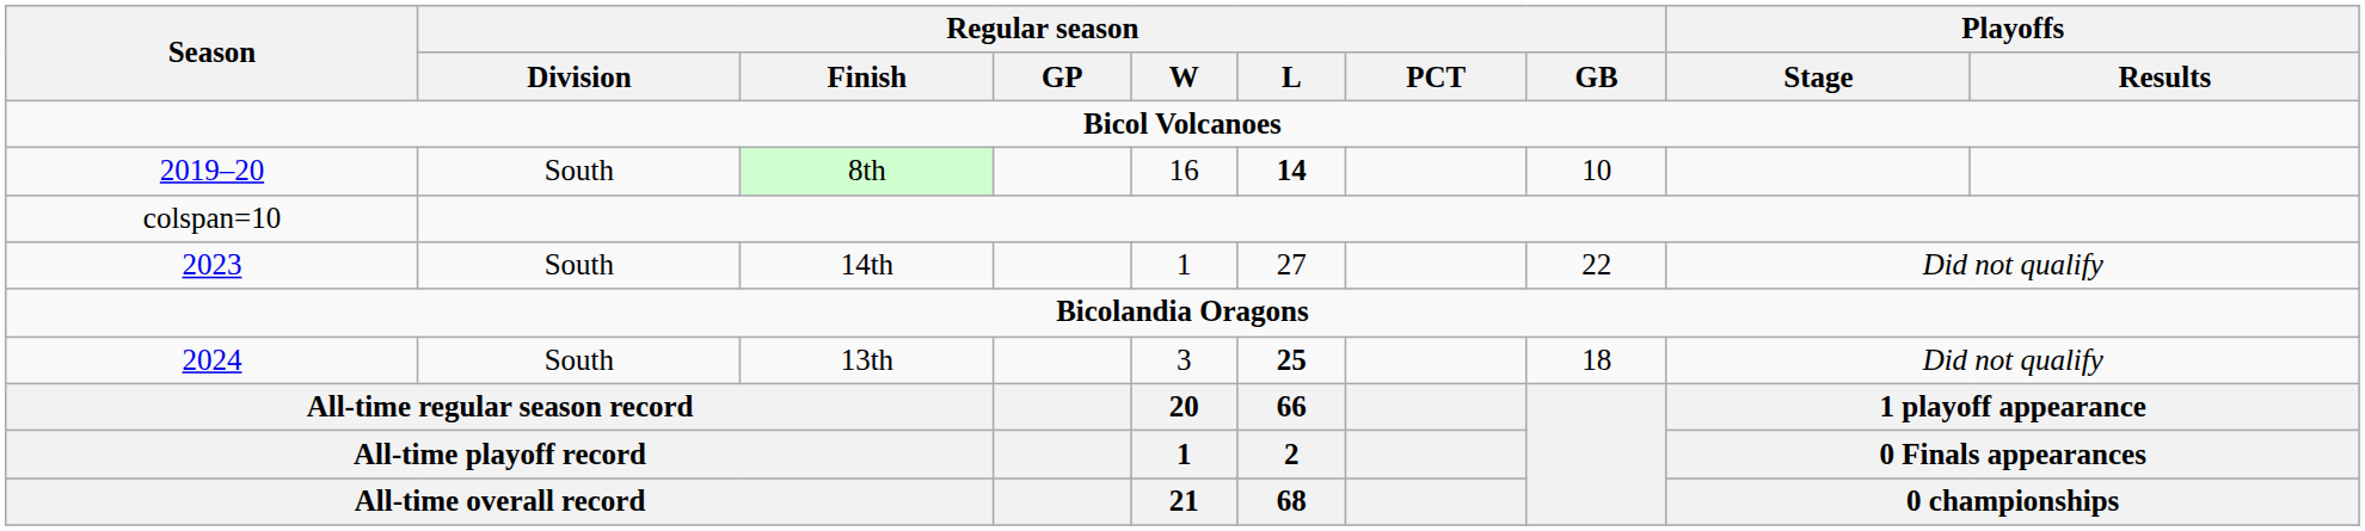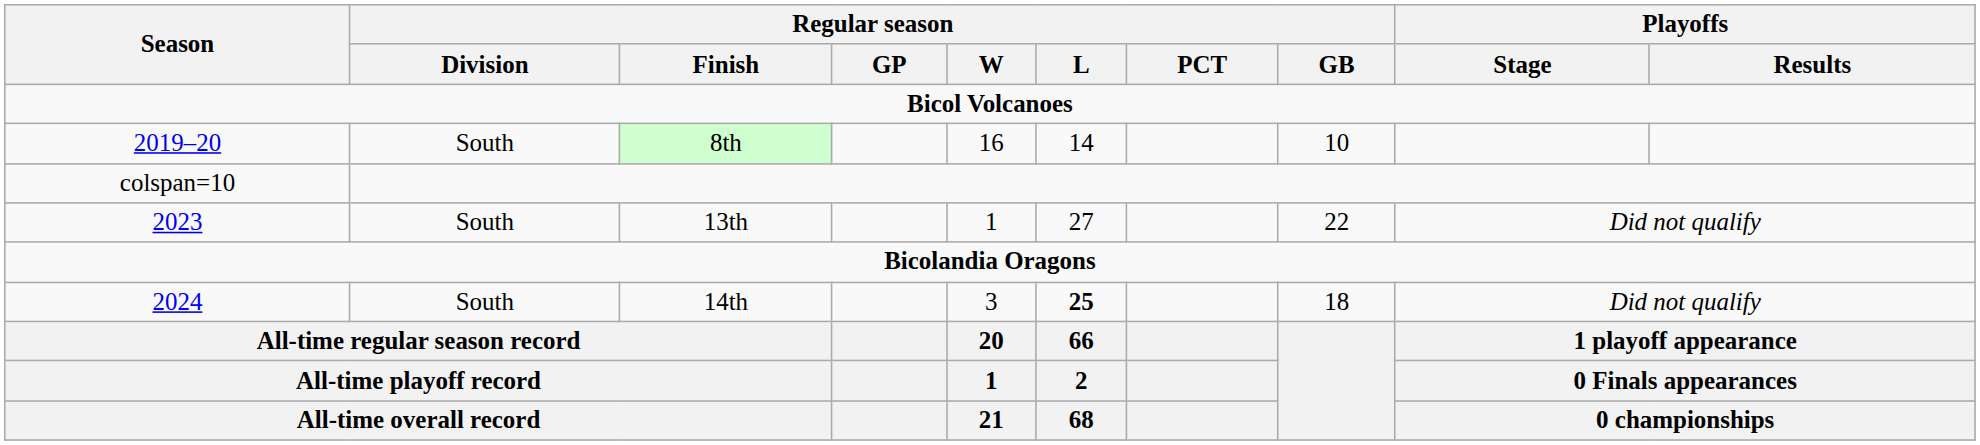 <table class=wikitable style="width:100%; text-align:center">
 <tr>
 <th rowspan=2>Season</th>
 <th colspan=7>Regular season</th>
 <th colspan=2>Playoffs</th>
 </tr>
 <tr>
 <th>Division</th>
 <th>Finish</th>
 <th>GP</th>
 <th>W</th>
 <th>L</th>
 <th>PCT</th>
 <th>GB</th>
 <th>Stage</th>
 <th>Results</th>
 </tr>
 <tr>
 <td colspan=10><span><strong>Bicol Volcanoes</strong></span></td>
 </tr>
 <tr>
 <td><a href='#'>2019–20</a> <br> <em></em></td>
 <td>South</td>
 <td bgcolor="#CFFFCF">8th</td>
 <td></td>
 <td>16</td>
-<td><strong>14</strong></td>
+<td>14</td>
 <td></td>
 <td>10</td>
 <td></td>
 <td></td>
 </tr>
 <tr>
 <td>colspan=10 </td>
 </tr>
 <tr>
 <td><a href='#'>2023</a></td>
 <td>South</td>
-<td>14th</td>
+<td>13th</td>
 <td></td>
 <td>1</td>
 <td>27</td>
 <td></td>
 <td>22</td>
 <td colspan="2"><em>Did not qualify</em></td>
 </tr>
 <tr>
 <td colspan=10><span><strong>Bicolandia Oragons</strong></span></td>
 </tr>
 <tr>
 <td><a href='#'>2024</a></td>
 <td>South</td>
-<td>13th</td>
+<td>14th</td>
 <td></td>
 <td>3</td>
 <td><strong>25</strong></td>
 <td></td>
 <td>18</td>
 <td colspan="2"><em>Did not qualify</em></td>
 </tr>
 <tr>
 <th colspan="3">All-time regular season record</th>
 <th></th>
 <th>20</th>
 <th>66</th>
 <th></th>
 <th rowspan="3"></th>
 <th colspan="2">1 playoff appearance</th>
 </tr>
 <tr>
 <th colspan="3">All-time playoff record</th>
 <th></th>
 <th>1</th>
 <th>2</th>
 <th></th>
 <th colspan=2>0 Finals appearances</th>
 </tr>
 <tr>
 <th colspan="3">All-time overall record</th>
 <th></th>
 <th>21</th>
 <th>68</th>
 <th></th>
 <th colspan="2">0 championships</th>
 </tr>
 </table>
